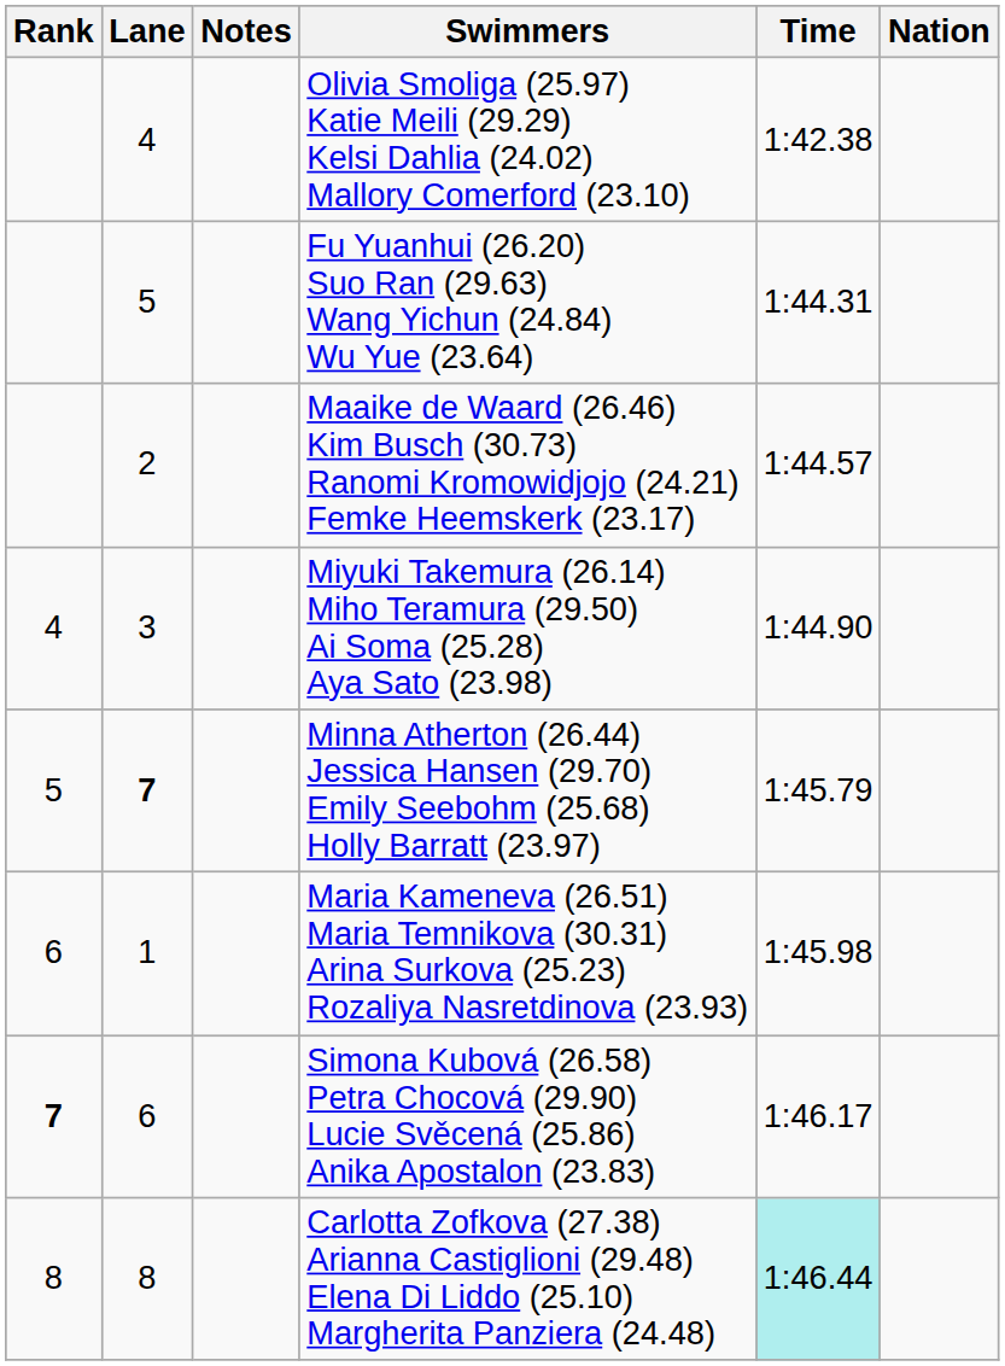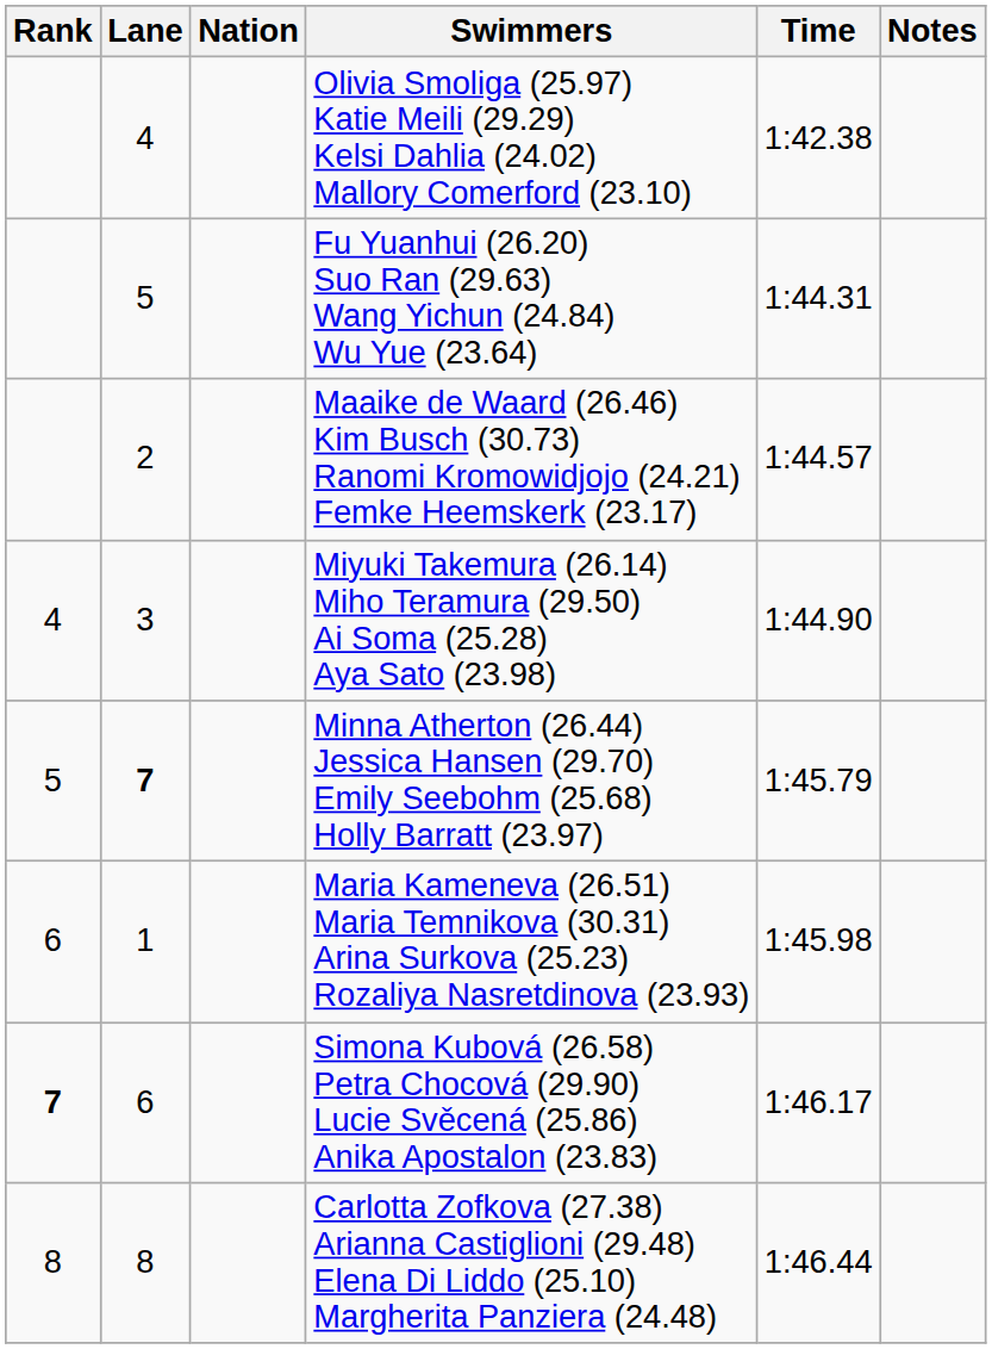 <table class="wikitable sortable" style="text-align:center">
 <tr>
 <th>Rank</th>
 <th>Lane</th>
-<th>Notes</th>
+<th>Nation</th>
 <th>Swimmers</th>
 <th>Time</th>
-<th>Nation</th>
+<th>Notes</th>
 </tr>
 <tr>
 <td></td>
 <td>4</td>
-<td></td>
+<td align=left></td>
 <td align=left><a href='#'>Olivia Smoliga</a> (25.97)<br><a href='#'>Katie Meili</a> (29.29)<br><a href='#'>Kelsi Dahlia</a> (24.02)<br><a href='#'>Mallory Comerford</a> (23.10)</td>
 <td>1:42.38</td>
-<td align=left></td>
+<td></td>
 </tr>
 <tr>
 <td></td>
 <td>5</td>
-<td></td>
+<td align=left></td>
 <td align=left><a href='#'>Fu Yuanhui</a> (26.20)<br><a href='#'>Suo Ran</a> (29.63)<br><a href='#'>Wang Yichun</a> (24.84)<br><a href='#'>Wu Yue</a> (23.64)</td>
 <td>1:44.31</td>
-<td align=left></td>
+<td></td>
 </tr>
 <tr>
 <td></td>
 <td>2</td>
-<td></td>
+<td align=left></td>
 <td align=left><a href='#'>Maaike de Waard</a> (26.46)<br><a href='#'>Kim Busch</a> (30.73)<br><a href='#'>Ranomi Kromowidjojo</a> (24.21)<br><a href='#'>Femke Heemskerk</a> (23.17)</td>
 <td>1:44.57</td>
-<td align=left></td>
+<td></td>
 </tr>
 <tr>
 <td>4</td>
 <td>3</td>
-<td></td>
+<td align=left></td>
 <td align=left><a href='#'>Miyuki Takemura</a> (26.14)<br><a href='#'>Miho Teramura</a> (29.50)<br><a href='#'>Ai Soma</a> (25.28)<br><a href='#'>Aya Sato</a> (23.98)</td>
 <td>1:44.90</td>
-<td align=left></td>
+<td></td>
 </tr>
 <tr>
 <td>5</td>
 <td><strong>7</strong></td>
-<td></td>
+<td align=left></td>
 <td align=left><a href='#'>Minna Atherton</a> (26.44)<br><a href='#'>Jessica Hansen</a> (29.70)<br><a href='#'>Emily Seebohm</a> (25.68)<br><a href='#'>Holly Barratt</a> (23.97)</td>
 <td>1:45.79</td>
-<td align=left></td>
+<td></td>
 </tr>
 <tr>
 <td>6</td>
 <td>1</td>
-<td></td>
+<td align=left></td>
 <td align=left><a href='#'>Maria Kameneva</a> (26.51)<br><a href='#'>Maria Temnikova</a> (30.31)<br><a href='#'>Arina Surkova</a> (25.23)<br><a href='#'>Rozaliya Nasretdinova</a> (23.93)</td>
 <td>1:45.98</td>
-<td align=left></td>
+<td></td>
 </tr>
 <tr>
 <td><strong>7</strong></td>
 <td>6</td>
-<td></td>
+<td align=left></td>
 <td align=left><a href='#'>Simona Kubová</a> (26.58)<br><a href='#'>Petra Chocová</a> (29.90)<br><a href='#'>Lucie Svěcená</a> (25.86)<br><a href='#'>Anika Apostalon</a> (23.83)</td>
 <td>1:46.17</td>
-<td align=left></td>
+<td></td>
 </tr>
 <tr>
 <td>8</td>
 <td>8</td>
+<td align=left></td>
+<td align=left><a href='#'>Carlotta Zofkova</a> (27.38)<br><a href='#'>Arianna Castiglioni</a> (29.48)<br><a href='#'>Elena Di Liddo</a> (25.10)<br><a href='#'>Margherita Panziera</a> (24.48)</td>
+<td>1:46.44</td>
 <td></td>
-<td align=left><a href='#'>Carlotta Zofkova</a> (27.38)<br><a href='#'>Arianna Castiglioni</a> (29.48)<br><a href='#'>Elena Di Liddo</a> (25.10)<br><a href='#'>Margherita Panziera</a> (24.48)</td>
-<td style="background: paleturquoise;">1:46.44</td>
-<td align=left></td>
 </tr>
 </table>
